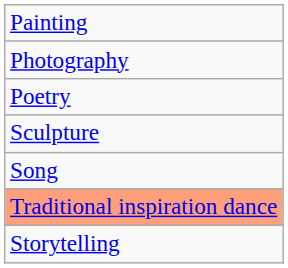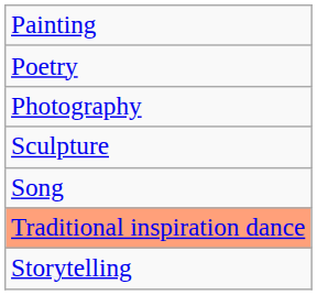 <table class="wikitable">
 <tr>
 <td><a href='#'>Painting</a></td>
 </tr>
 <tr>
-<td><a href='#'>Photography</a></td>
+<td><a href='#'>Poetry</a></td>
 </tr>
 <tr>
-<td><a href='#'>Poetry</a></td>
+<td><a href='#'>Photography</a></td>
 </tr>
 <tr>
 <td><a href='#'>Sculpture</a></td>
 </tr>
 <tr>
 <td><a href='#'>Song</a></td>
 </tr>
 <tr>
 <td style="background: lightsalmon;"><a href='#'>Traditional inspiration dance</a></td>
 </tr>
 <tr>
 <td><a href='#'>Storytelling</a></td>
 </tr>
 </table>
